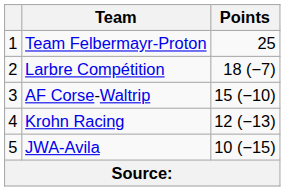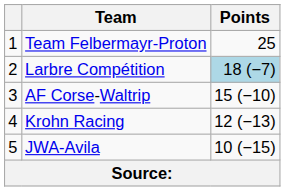 <table class="wikitable" style="font-size: 95%;">
 <tr>
 <th scope="col"></th>
 <th scope="col">Team</th>
 <th scope="col">Points</th>
 </tr>
 <tr>
 <td align=center>1</td>
 <td> <a href='#'>Team Felbermayr-Proton</a></td>
 <td align=right>25</td>
 </tr>
 <tr>
 <td align=center>2</td>
 <td> <a href='#'>Larbre Compétition</a></td>
-<td align=right>18 (−7)</td>
+<td align=right style="background: lightblue;">18 (−7)</td>
 </tr>
 <tr>
 <td align=center>3</td>
 <td> <a href='#'>AF Corse</a>-<a href='#'>Waltrip</a></td>
 <td align=right>15 (−10)</td>
 </tr>
 <tr>
 <td align=center>4</td>
 <td> <a href='#'>Krohn Racing</a></td>
 <td align=right>12 (−13)</td>
 </tr>
 <tr>
 <td align=center>5</td>
 <td> <a href='#'>JWA-Avila</a></td>
 <td align=right>10 (−15)</td>
 </tr>
 <tr>
 <th colspan=4>Source:</th>
 </tr>
 </table>
